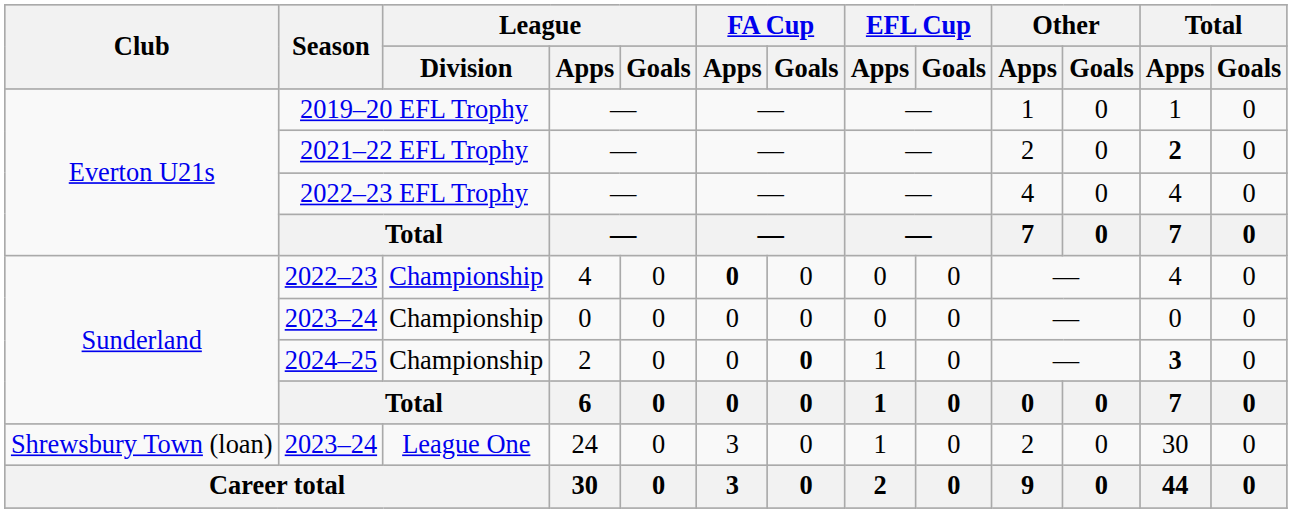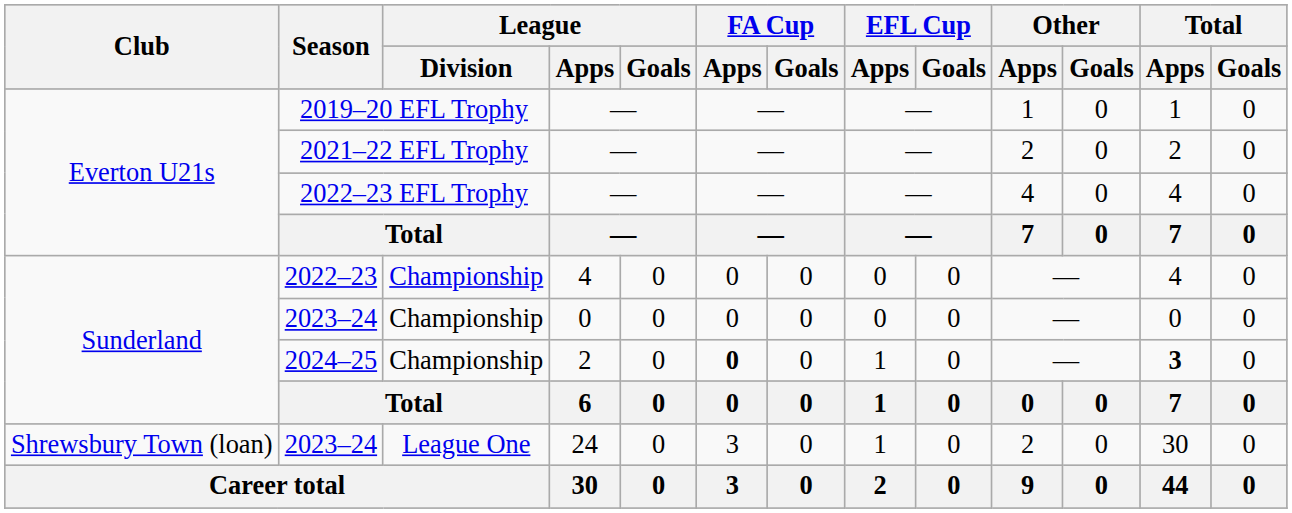 <table class=wikitable style=text-align:center>
 <tr>
 <th rowspan=2>Club</th>
 <th rowspan=2>Season</th>
 <th colspan=3>League</th>
 <th colspan=2><a href='#'>FA Cup</a></th>
 <th colspan=2><a href='#'>EFL Cup</a></th>
 <th colspan=2>Other</th>
 <th colspan=2>Total</th>
 </tr>
 <tr>
 <th>Division</th>
 <th>Apps</th>
 <th>Goals</th>
 <th>Apps</th>
 <th>Goals</th>
 <th>Apps</th>
 <th>Goals</th>
 <th>Apps</th>
 <th>Goals</th>
 <th>Apps</th>
 <th>Goals</th>
 </tr>
 <tr>
 <td rowspan=4><a href='#'>Everton U21s</a></td>
 <td colspan="2"><a href='#'>2019–20 EFL Trophy</a></td>
 <td colspan="2">—</td>
 <td colspan="2">—</td>
 <td colspan="2">—</td>
 <td>1</td>
 <td>0</td>
 <td>1</td>
 <td>0</td>
 </tr>
 <tr>
 <td colspan="2"><a href='#'>2021–22 EFL Trophy</a></td>
 <td colspan="2">—</td>
 <td colspan="2">—</td>
 <td colspan="2">—</td>
 <td>2</td>
 <td>0</td>
-<td><strong>2</strong></td>
+<td>2</td>
 <td>0</td>
 </tr>
 <tr>
 <td colspan="2"><a href='#'>2022–23 EFL Trophy</a></td>
 <td colspan="2">—</td>
 <td colspan="2">—</td>
 <td colspan="2">—</td>
 <td>4</td>
 <td>0</td>
 <td>4</td>
 <td>0</td>
 </tr>
 <tr>
 <th colspan=2>Total</th>
 <th colspan="2">—</th>
 <th colspan="2">—</th>
 <th colspan="2">—</th>
 <th>7</th>
 <th>0</th>
 <th>7</th>
 <th>0</th>
 </tr>
 <tr>
 <td rowspan="4"><a href='#'>Sunderland</a></td>
 <td><a href='#'>2022–23</a></td>
 <td><a href='#'>Championship</a></td>
 <td>4</td>
 <td>0</td>
-<td><strong>0</strong></td>
+<td>0</td>
 <td>0</td>
 <td>0</td>
 <td>0</td>
 <td colspan="2">—</td>
 <td>4</td>
 <td>0</td>
 </tr>
 <tr>
 <td><a href='#'>2023–24</a></td>
 <td>Championship</td>
 <td>0</td>
 <td>0</td>
 <td>0</td>
 <td>0</td>
 <td>0</td>
 <td>0</td>
 <td colspan="2">—</td>
 <td>0</td>
 <td>0</td>
 </tr>
 <tr>
 <td><a href='#'>2024–25</a></td>
 <td>Championship</td>
 <td>2</td>
 <td>0</td>
+<td><strong>0</strong></td>
 <td>0</td>
-<td><strong>0</strong></td>
 <td>1</td>
 <td>0</td>
 <td colspan="2">—</td>
 <td><strong>3</strong></td>
 <td>0</td>
 </tr>
 <tr>
 <th colspan="2">Total</th>
 <th>6</th>
 <th>0</th>
 <th>0</th>
 <th>0</th>
 <th>1</th>
 <th>0</th>
 <th>0</th>
 <th>0</th>
 <th>7</th>
 <th>0</th>
 </tr>
 <tr>
 <td><a href='#'>Shrewsbury Town</a> (loan)</td>
 <td><a href='#'>2023–24</a></td>
 <td><a href='#'>League One</a></td>
 <td>24</td>
 <td>0</td>
 <td>3</td>
 <td>0</td>
 <td>1</td>
 <td>0</td>
 <td>2</td>
 <td>0</td>
 <td>30</td>
 <td>0</td>
 </tr>
 <tr>
 <th colspan=3>Career total</th>
 <th>30</th>
 <th>0</th>
 <th>3</th>
 <th>0</th>
 <th>2</th>
 <th>0</th>
 <th>9</th>
 <th>0</th>
 <th>44</th>
 <th>0</th>
 </tr>
 </table>
